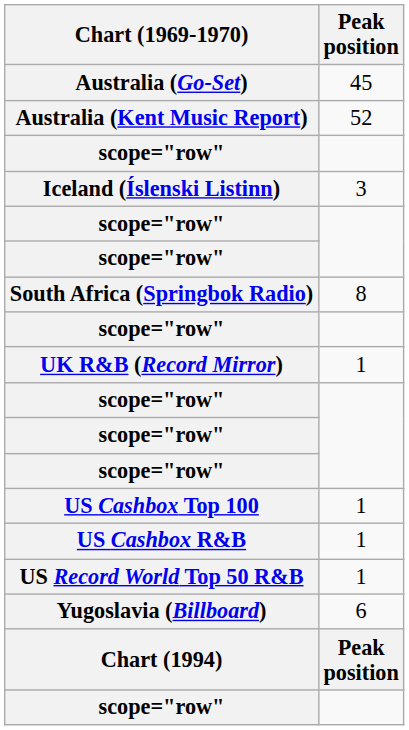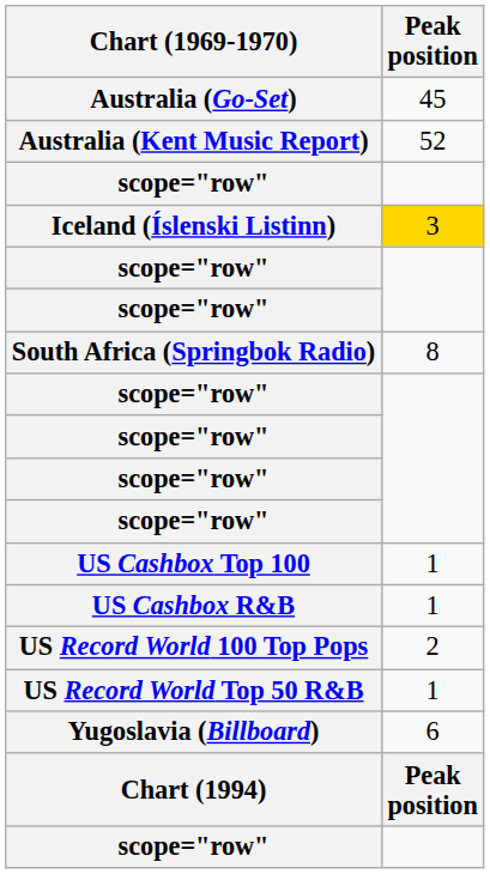 <table class="wikitable sortable plainrowheaders">
 <tr>
 <th scope="col">Chart (1969-1970)</th>
 <th scope="col">Peak<br>position</th>
 </tr>
 <tr>
 <th scope="row">Australia (<em><a href='#'>Go-Set</a></em>)</th>
 <td align="center">45</td>
 </tr>
 <tr>
 <th scope="row">Australia (<a href='#'>Kent Music Report</a>)</th>
 <td align="center">52</td>
 </tr>
 <tr>
 <th>scope="row" </th>
 </tr>
 <tr>
 <th scope="row">Iceland (<a href='#'>Íslenski Listinn</a>)</th>
-<td style="text-align:center;">3</td>
+<td style="background: gold; text-align:center;">3</td>
 </tr>
 <tr>
 <th>scope="row" </th>
 </tr>
 <tr>
 <th>scope="row" </th>
 </tr>
 <tr>
 <th scope="row">South Africa (<a href='#'>Springbok Radio</a>)</th>
 <td align="center">8</td>
 </tr>
 <tr>
 <th>scope="row" </th>
-</tr>
-<tr>
-<th scope="row"><a href='#'>UK R&B</a> (<em><a href='#'>Record Mirror</a></em>)</th>
-<td align="center">1</td>
 </tr>
 <tr>
 <th>scope="row" </th>
 </tr>
 <tr>
 <th>scope="row" </th>
 </tr>
 <tr>
 <th>scope="row" </th>
 </tr>
 <tr>
 <th scope="row"><a href='#'>US <em>Cashbox</em> Top 100</a></th>
 <td style="text-align:center;">1</td>
 </tr>
 <tr>
 <th scope="row"><a href='#'>US <em>Cashbox</em> R&B</a></th>
 <td style="text-align:center;">1</td>
 </tr>
 <tr>
+<th scope="row">US <a href='#'><em>Record World</em> 100 Top Pops</a></th>
+<td style="text-align:center;">2</td>
+</tr>
+<tr>
 <th scope="row">US <a href='#'><em>Record World</em> Top 50 R&B</a></th>
 <td style="text-align:center;">1</td>
 </tr>
 <tr>
 <th scope="row">Yugoslavia (<em><a href='#'>Billboard</a></em>)</th>
 <td style="text-align:center;">6</td>
 </tr>
 <tr>
 <th scope="col">Chart (1994)</th>
 <th scope="col">Peak<br>position</th>
 </tr>
 <tr>
 <th>scope="row" </th>
 </tr>
 </table>
